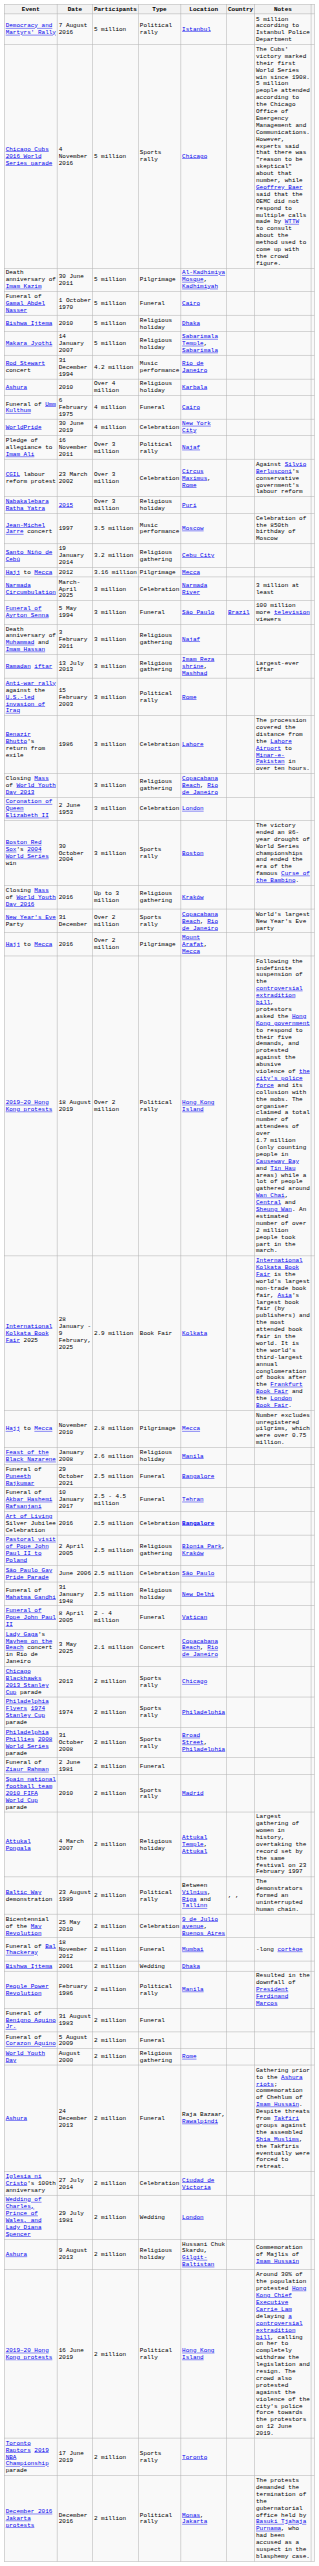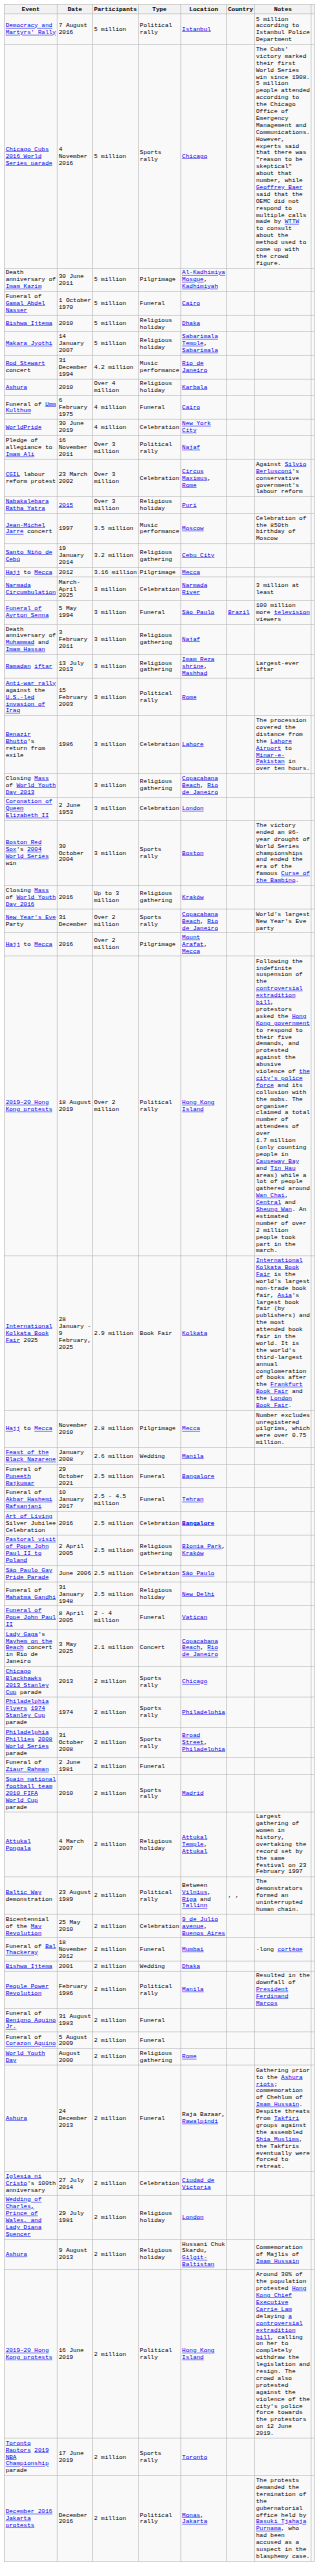 <table class="wikitable sortable">
 <tr>
 <th>Event</th>
 <th data-sort-type="date" width=100>Date</th>
 <th>Participants</th>
 <th>Type</th>
 <th>Location</th>
 <th>Country</th>
 <th class=unsortable>Notes</th>
 <th class="unsortable"></th>
 </tr>
 <tr>
 <td><a href='#'>Democracy and Martyrs' Rally</a></td>
 <td>7 August 2016</td>
 <td>5 million</td>
 <td>Political rally</td>
 <td><a href='#'>Istanbul</a></td>
 <td></td>
 <td>5 million according to Istanbul Police Department</td>
 <td></td>
 </tr>
 <tr>
 <td><a href='#'>Chicago Cubs</a> <a href='#'>2016 World Series parade</a></td>
 <td>4 November 2016</td>
 <td>5 million</td>
 <td>Sports rally</td>
 <td><a href='#'>Chicago</a></td>
 <td></td>
 <td>The Cubs' victory marked their first World Series win since 1908. 5 million people attended according to the Chicago Office of Emergency Management and Communications. However, experts said that there was "reason to be skeptical" about that number, while <a href='#'>Geoffrey Baer</a> said that the OEMC did not respond to multiple calls made by <a href='#'>WTTW</a> to consult about the method used to come up with the crowd figure.</td>
 <td></td>
 </tr>
 <tr>
 <td>Death anniversary of <a href='#'>Imam Kazim</a></td>
 <td>30 June 2011</td>
 <td>5 million</td>
 <td>Pilgrimage</td>
 <td><a href='#'>Al-Kadhimiya Mosque</a>, <a href='#'>Kadhimiyah</a></td>
 <td></td>
 <td></td>
 <td></td>
 </tr>
 <tr>
 <td>Funeral of <a href='#'>Gamal Abdel Nasser</a></td>
 <td>1 October 1970</td>
 <td>5 million</td>
 <td>Funeral</td>
 <td><a href='#'>Cairo</a></td>
 <td></td>
 <td></td>
 <td></td>
 </tr>
 <tr>
 <td><a href='#'>Bishwa Ijtema</a></td>
 <td>2010</td>
 <td>5 million</td>
 <td>Religious holiday</td>
 <td><a href='#'>Dhaka</a></td>
 <td></td>
 <td></td>
 <td></td>
 </tr>
 <tr>
 <td><a href='#'>Makara Jyothi</a></td>
 <td>14 January 2007</td>
 <td>5 million</td>
 <td>Religious holiday</td>
 <td><a href='#'>Sabarimala Temple</a>, <a href='#'>Sabarimala</a></td>
 <td></td>
 <td></td>
 <td></td>
 </tr>
 <tr>
 <td><a href='#'>Rod Stewart</a> concert</td>
 <td>31 December 1994</td>
 <td>4.2 million</td>
 <td>Music performance</td>
 <td><a href='#'>Rio de Janeiro</a></td>
 <td></td>
 <td></td>
 <td></td>
 </tr>
 <tr>
 <td><a href='#'>Ashura</a></td>
 <td>2010</td>
 <td>Over 4 million</td>
 <td>Religious holiday</td>
 <td><a href='#'>Karbala</a></td>
 <td></td>
 <td></td>
 <td></td>
 </tr>
 <tr>
 <td>Funeral of <a href='#'>Umm Kulthum</a></td>
 <td>6 February 1975</td>
 <td>4 million</td>
 <td>Funeral</td>
 <td><a href='#'>Cairo</a></td>
 <td></td>
 <td></td>
 <td></td>
 </tr>
 <tr>
 <td><a href='#'>WorldPride</a></td>
 <td>30 June 2019</td>
 <td>4 million</td>
 <td>Celebration</td>
 <td><a href='#'>New York City</a></td>
 <td></td>
 <td></td>
 <td></td>
 </tr>
 <tr>
 <td>Pledge of allegiance to <a href='#'>Imam Ali</a></td>
 <td>16 November 2011</td>
 <td>Over 3 million</td>
 <td>Political rally</td>
 <td><a href='#'>Najaf</a></td>
 <td></td>
 <td></td>
 <td></td>
 </tr>
 <tr>
 <td><a href='#'>CGIL</a> labour reform protest</td>
 <td>23 March 2002</td>
 <td>Over 3 million</td>
 <td>Celebration</td>
 <td><a href='#'>Circus Maximus</a>, <a href='#'>Rome</a></td>
 <td></td>
 <td>Against <a href='#'>Silvio Berlusconi</a>'s conservative government's labour reform</td>
 <td></td>
 </tr>
 <tr>
 <td><a href='#'>Nabakalebara</a> <a href='#'>Ratha Yatra</a></td>
 <td><a href='#'>2015</a></td>
 <td>Over 3 million</td>
 <td>Religious holiday</td>
 <td><a href='#'>Puri</a></td>
 <td></td>
 <td></td>
 <td></td>
 </tr>
 <tr>
 <td><a href='#'>Jean-Michel Jarre</a> concert</td>
 <td>1997</td>
 <td>3.5 million</td>
 <td>Music performance</td>
 <td><a href='#'>Moscow</a></td>
 <td></td>
 <td>Celebration of the 850th birthday of Moscow</td>
 <td></td>
 </tr>
 <tr>
 <td><a href='#'>Santo Niño de Cebú</a></td>
 <td>19 January 2014</td>
 <td>3.2 million</td>
 <td>Religious gathering</td>
 <td><a href='#'>Cebu City</a></td>
 <td></td>
 <td></td>
 <td></td>
 </tr>
 <tr>
 <td><a href='#'>Hajj</a> to <a href='#'>Mecca</a></td>
 <td>2012</td>
 <td>3.16 million</td>
 <td>Pilgrimage</td>
 <td><a href='#'>Mecca</a></td>
 <td></td>
 <td></td>
 <td></td>
 </tr>
 <tr>
 <td><a href='#'>Narmada Circumbulation</a></td>
 <td>March-April 2025</td>
 <td>3 million</td>
 <td>Celebration</td>
 <td><a href='#'>Narmada River</a></td>
 <td></td>
 <td>3 million at least</td>
 <td></td>
 </tr>
 <tr>
 <td><a href='#'>Funeral of Ayrton Senna</a></td>
 <td>5 May 1994</td>
 <td>3 million</td>
 <td>Funeral</td>
 <td><a href='#'>São Paulo</a></td>
 <td><a href='#'>Brazil</a></td>
 <td>100 million more <a href='#'>television</a> viewers</td>
 <td></td>
 </tr>
 <tr>
 <td>Death anniversary of <a href='#'>Muhammad</a> and <a href='#'>Imam Hassan</a></td>
 <td>3 February 2011</td>
 <td>3 million</td>
 <td>Religious gathering</td>
 <td><a href='#'>Najaf</a></td>
 <td></td>
 <td></td>
 <td></td>
 </tr>
 <tr>
 <td><a href='#'>Ramadan</a> <a href='#'>iftar</a></td>
 <td>13 July 2013</td>
 <td>3 million</td>
 <td>Religious gathering</td>
 <td><a href='#'>Imam Reza shrine</a>, <a href='#'>Mashhad</a></td>
 <td></td>
 <td>Largest-ever iftar</td>
 <td></td>
 </tr>
 <tr>
 <td><a href='#'>Anti-war rally</a> against the <a href='#'>U.S.-led invasion of Iraq</a></td>
 <td>15 February 2003</td>
 <td>3 million</td>
 <td>Political rally</td>
 <td><a href='#'>Rome</a></td>
 <td></td>
 <td></td>
 <td></td>
 </tr>
 <tr>
 <td><a href='#'>Benazir Bhutto</a>'s return from exile</td>
 <td>1986</td>
 <td>3 million</td>
 <td>Celebration</td>
 <td><a href='#'>Lahore</a></td>
 <td></td>
 <td>The procession covered the  distance from the <a href='#'>Lahore Airport</a> to <a href='#'>Minar-e-Pakistan</a> in over ten hours.</td>
 <td></td>
 </tr>
 <tr>
 <td>Closing <a href='#'>Mass</a> of <a href='#'>World Youth Day 2013</a></td>
 <td></td>
 <td>3 million</td>
 <td>Religious gathering</td>
 <td><a href='#'>Copacabana Beach</a>, <a href='#'>Rio de Janeiro</a></td>
 <td></td>
 <td></td>
 <td></td>
 </tr>
 <tr>
 <td><a href='#'>Coronation of Queen Elizabeth II</a></td>
 <td>2 June 1953</td>
 <td>3 million</td>
 <td>Celebration</td>
 <td><a href='#'>London</a></td>
 <td></td>
 <td></td>
 <td></td>
 </tr>
 <tr>
 <td><a href='#'>Boston Red Sox</a>'s <a href='#'>2004 World Series</a> win</td>
 <td>30 October 2004</td>
 <td>3 million</td>
 <td>Sports rally</td>
 <td><a href='#'>Boston</a></td>
 <td></td>
 <td>The victory ended an 86-year drought of World Series championships and ended the era of the famous <a href='#'>Curse of the Bambino</a>.</td>
 <td></td>
 </tr>
 <tr>
 <td>Closing <a href='#'>Mass</a> of <a href='#'>World Youth Day 2016</a></td>
 <td>2016</td>
 <td>Up to 3 million</td>
 <td>Religious gathering</td>
 <td><a href='#'>Kraków</a></td>
 <td></td>
 <td></td>
 <td></td>
 </tr>
 <tr>
 <td><a href='#'>New Year's Eve</a> Party</td>
 <td>31 December</td>
 <td>Over 2 million</td>
 <td>Sports rally</td>
 <td><a href='#'>Copacabana Beach</a>, <a href='#'>Rio de Janeiro</a></td>
 <td></td>
 <td>World's largest New Year's Eve party</td>
 <td></td>
 </tr>
 <tr>
 <td><a href='#'>Hajj</a> to <a href='#'>Mecca</a></td>
 <td>2016</td>
 <td>Over 2 million</td>
 <td>Pilgrimage</td>
 <td><a href='#'>Mount Arafat</a>, <a href='#'>Mecca</a></td>
 <td></td>
 <td></td>
 <td></td>
 </tr>
 <tr>
 <td><a href='#'>2019–20 Hong Kong protests</a></td>
 <td>18 August 2019</td>
 <td>Over 2 million</td>
 <td>Political rally</td>
 <td><a href='#'>Hong Kong Island</a></td>
 <td></td>
 <td>Following the indefinite suspension of the <a href='#'>controversial extradition bill</a>, protestors asked the <a href='#'>Hong Kong government</a> to respond to their five demands, and protested against the abusive violence of <a href='#'>the city's police force</a> and its collusion with the mobs. The organiser claimed a total number of attendees of over 1.7 million (only counting people in <a href='#'>Causeway Bay</a> and <a href='#'>Tin Hau</a> areas) while a lot of people gathered around <a href='#'>Wan Chai</a>, <a href='#'>Central</a> and <a href='#'>Sheung Wan</a>. An estimated number of over 2 million people took part in the march.</td>
 <td></td>
 </tr>
 <tr>
 <td><a href='#'>International Kolkata Book Fair</a> 2025</td>
 <td>28 January - 9 February, 2025</td>
 <td>2.9 million</td>
 <td>Book Fair</td>
 <td><a href='#'>Kolkata</a></td>
 <td></td>
 <td><a href='#'>International Kolkata Book Fair</a> is the world's largest non-trade book fair, <a href='#'>Asia</a>'s largest book fair (by publishers) and the most attended book fair in the world. It is the world's third-largest annual conglomeration of books after the <a href='#'>Frankfurt Book Fair</a> and the <a href='#'>London Book Fair</a>.</td>
 <td></td>
 </tr>
 <tr>
 <td><a href='#'>Hajj</a> to <a href='#'>Mecca</a></td>
 <td>November 2010</td>
 <td>2.8 million</td>
 <td>Pilgrimage</td>
 <td><a href='#'>Mecca</a></td>
 <td></td>
 <td>Number excludes unregistered pilgrims, which were over 0.75 million.</td>
 <td></td>
 </tr>
 <tr>
 <td><a href='#'>Feast of the Black Nazarene</a></td>
 <td>January 2008</td>
 <td>2.6 million</td>
-<td>Religious holiday</td>
+<td>Wedding</td>
 <td><a href='#'>Manila</a></td>
 <td></td>
 <td></td>
 <td></td>
 </tr>
 <tr>
 <td>Funeral of <a href='#'>Puneeth Rajkumar</a></td>
 <td>29 October 2021</td>
 <td>2.5 million</td>
 <td>Funeral</td>
 <td><a href='#'>Bangalore</a></td>
 <td></td>
 <td></td>
 <td></td>
 </tr>
 <tr>
 <td>Funeral of <a href='#'>Akbar Hashemi Rafsanjani</a></td>
 <td>10 January 2017</td>
 <td>2.5 - 4.5 million</td>
 <td>Funeral</td>
 <td><a href='#'>Tehran</a></td>
 <td></td>
 <td></td>
 <td></td>
 </tr>
 <tr>
 <td><a href='#'>Art of Living</a> Silver Jubilee Celebration</td>
 <td>2016</td>
 <td>2.5 million</td>
 <td>Celebration</td>
 <td><strong><a href='#'>Bangalore</a></strong></td>
 <td></td>
 <td></td>
 <td></td>
 </tr>
 <tr>
 <td><a href='#'>Pastoral visit of Pope John Paul II to Poland</a></td>
 <td>2 April 2005</td>
 <td>2.5 million</td>
 <td>Religious gathering</td>
 <td><a href='#'>Błonia Park</a>, <a href='#'>Kraków</a></td>
 <td></td>
 <td></td>
 <td></td>
 </tr>
 <tr>
 <td><a href='#'>São Paulo Gay Pride Parade</a></td>
 <td>June 2006</td>
 <td>2.5 million</td>
 <td>Celebration</td>
 <td><a href='#'>São Paulo</a></td>
 <td></td>
 <td></td>
 <td></td>
 </tr>
 <tr>
 <td>Funeral of <a href='#'>Mahatma Gandhi</a></td>
 <td>31 January 1948</td>
 <td>2.5 million</td>
 <td>Religious holiday</td>
 <td><a href='#'>New Delhi</a></td>
 <td></td>
 <td></td>
 <td></td>
 </tr>
 <tr>
 <td><a href='#'>Funeral of Pope John Paul II</a></td>
 <td>8 April 2005</td>
 <td>2 - 4 million</td>
 <td>Funeral</td>
 <td><a href='#'>Vatican</a></td>
 <td></td>
 <td></td>
 <td></td>
 </tr>
 <tr>
 <td><a href='#'>Lady Gaga</a>'s <a href='#'>Mayhem on the Beach</a> concert in Rio de Janeiro</td>
 <td>3 May 2025</td>
 <td>2.1 million</td>
 <td>Concert</td>
 <td><a href='#'>Copacabana Beach</a>, <a href='#'>Rio de Janeiro</a></td>
 <td></td>
 <td></td>
 <td></td>
 </tr>
 <tr>
 <td><a href='#'>Chicago Blackhawks</a> <a href='#'>2013 Stanley Cup</a> parade</td>
 <td>2013</td>
 <td>2 million</td>
 <td>Sports rally</td>
 <td><a href='#'>Chicago</a></td>
 <td></td>
 <td></td>
 <td></td>
 </tr>
 <tr>
 <td><a href='#'>Philadelphia Flyers</a> <a href='#'>1974 Stanley Cup</a> parade</td>
 <td>1974</td>
 <td>2 million</td>
 <td>Sports rally</td>
 <td><a href='#'>Philadelphia</a></td>
 <td></td>
 <td></td>
 <td></td>
 </tr>
 <tr>
 <td><a href='#'>Philadelphia Phillies</a> <a href='#'>2008 World Series</a> parade</td>
 <td>31 October 2008</td>
 <td>2 million</td>
 <td>Sports rally</td>
 <td><a href='#'>Broad Street</a>, <a href='#'>Philadelphia</a></td>
 <td></td>
 <td></td>
 <td></td>
 </tr>
 <tr>
 <td>Funeral of <a href='#'>Ziaur Rahman</a></td>
 <td>2 June 1981</td>
 <td>2 million</td>
 <td>Funeral</td>
 <td></td>
 <td></td>
 <td></td>
 <td></td>
 </tr>
 <tr>
 <td><a href='#'>Spain national football team</a> <a href='#'>2010 FIFA World Cup</a> parade</td>
 <td>2010</td>
 <td>2 million</td>
 <td>Sports rally</td>
 <td><a href='#'>Madrid</a></td>
 <td></td>
 <td></td>
 <td></td>
 </tr>
 <tr>
 <td><a href='#'>Attukal Pongala</a></td>
 <td>4 March 2007</td>
 <td>2 million</td>
 <td>Religious holiday</td>
 <td><a href='#'>Attukal Temple</a>, <a href='#'>Attukal</a></td>
 <td></td>
 <td>Largest gathering of women in history, overtaking the record set by the same festival on 23 February 1997</td>
 <td></td>
 </tr>
 <tr>
 <td><a href='#'>Baltic Way</a> demonstration</td>
 <td>23 August 1989</td>
 <td>2 million</td>
 <td>Political rally</td>
 <td>Between <a href='#'>Vilnius</a>, <a href='#'>Riga</a> and <a href='#'>Tallinn</a></td>
 <td>, , </td>
 <td>The demonstrators formed an uninterrupted  human chain.</td>
 <td></td>
 </tr>
 <tr>
 <td>Bicentennial of the <a href='#'>May Revolution</a></td>
 <td>25 May 2010</td>
 <td>2 million</td>
 <td>Celebration</td>
 <td><a href='#'>9 de Julio avenue</a>, <a href='#'>Buenos Aires</a></td>
 <td></td>
 <td></td>
 <td></td>
 </tr>
 <tr>
 <td>Funeral of <a href='#'>Bal Thackeray</a></td>
 <td>18 November 2012</td>
 <td>2 million</td>
 <td>Funeral</td>
 <td><a href='#'>Mumbai</a></td>
 <td></td>
 <td>-long <a href='#'>cortège</a></td>
 <td></td>
 </tr>
 <tr>
 <td><a href='#'>Bishwa Ijtema</a></td>
 <td>2001</td>
 <td>2 million</td>
 <td>Wedding</td>
 <td><a href='#'>Dhaka</a></td>
 <td></td>
 <td></td>
 <td></td>
 </tr>
 <tr>
 <td><a href='#'>People Power Revolution</a></td>
 <td>February 1986</td>
 <td>2 million</td>
 <td>Political rally</td>
 <td><a href='#'>Manila</a></td>
 <td></td>
 <td>Resulted in the downfall of <a href='#'>President Ferdinand Marcos</a></td>
 <td></td>
 </tr>
 <tr>
 <td>Funeral of <a href='#'>Benigno Aquino Jr.</a></td>
 <td>31 August 1983</td>
 <td>2 million</td>
 <td>Funeral</td>
 <td></td>
 <td></td>
 <td></td>
 <td></td>
 </tr>
 <tr>
 <td>Funeral of <a href='#'>Corazon Aquino</a></td>
 <td>5 August 2009</td>
 <td>2 million</td>
 <td>Funeral</td>
 <td></td>
 <td></td>
 <td></td>
 <td></td>
 </tr>
 <tr>
 <td><a href='#'>World Youth Day</a></td>
 <td>August 2000</td>
 <td>2 million</td>
 <td>Religious gathering</td>
 <td><a href='#'>Rome</a></td>
 <td></td>
 <td></td>
 <td></td>
 </tr>
 <tr>
 <td><a href='#'>Ashura</a></td>
 <td>24 December 2013</td>
 <td>2 million</td>
 <td>Funeral</td>
 <td>Raja Bazaar, <a href='#'>Rawalpindi</a></td>
 <td></td>
 <td>Gathering prior to the <a href='#'>Ashura riots</a>; commemoration of Chehlum of <a href='#'>Imam Hussain</a>. Despite threats from <a href='#'>Takfiri</a> groups against the assembled <a href='#'>Shia Muslims</a>, the Takfiris eventually were forced to retreat.</td>
 <td></td>
 </tr>
 <tr>
 <td><a href='#'>Iglesia ni Cristo</a>'s 100th anniversary</td>
 <td>27 July 2014</td>
 <td>2 million</td>
 <td>Celebration</td>
 <td><a href='#'>Ciudad de Victoria</a></td>
 <td></td>
 <td></td>
 <td></td>
 </tr>
 <tr>
 <td><a href='#'>Wedding of Charles, Prince of Wales, and Lady Diana Spencer</a></td>
 <td>29 July 1981</td>
 <td>2 million</td>
-<td>Wedding</td>
+<td>Religious holiday</td>
 <td><a href='#'>London</a></td>
 <td></td>
 <td></td>
 <td></td>
 </tr>
 <tr>
 <td><a href='#'>Ashura</a></td>
 <td>9 August 2013</td>
 <td>2 million</td>
 <td>Religious holiday</td>
 <td>Hussani Chuk Skardu, <a href='#'>Gilgit-Baltistan</a></td>
 <td></td>
 <td>Commemoration of Majlis of <a href='#'>Imam Hussain</a></td>
 <td></td>
 </tr>
 <tr>
 <td><a href='#'>2019–20 Hong Kong protests</a></td>
 <td>16 June 2019</td>
 <td>2 million</td>
 <td>Political rally</td>
 <td><a href='#'>Hong Kong Island</a></td>
 <td></td>
 <td>Around 30% of the population protested <a href='#'>Hong Kong Chief Executive</a> <a href='#'>Carrie Lam</a> delaying <a href='#'>a controversial extradition bill</a>, calling on her to completely withdraw the legislation and resign. The crowd also protested against the violence of the city's police force towards the protestors on 12 June 2019.</td>
 <td></td>
 </tr>
 <tr>
 <td><a href='#'>Toronto Raptors</a> <a href='#'>2019 NBA Championship</a> parade</td>
 <td>17 June 2019</td>
 <td>2 million</td>
 <td>Sports rally</td>
 <td><a href='#'>Toronto</a></td>
 <td></td>
 <td></td>
 <td></td>
 </tr>
 <tr>
 <td><a href='#'>December 2016 Jakarta protests</a></td>
 <td>December 2016</td>
 <td>2 million</td>
 <td>Political rally</td>
 <td><a href='#'>Monas</a>, <a href='#'>Jakarta</a></td>
 <td></td>
 <td>The protests demanded the termination of the gubernatorial office held by <a href='#'>Basuki Tjahaja Purnama</a>, who had been accused as a suspect in the blasphemy case.</td>
 <td></td>
 </tr>
 </table>
